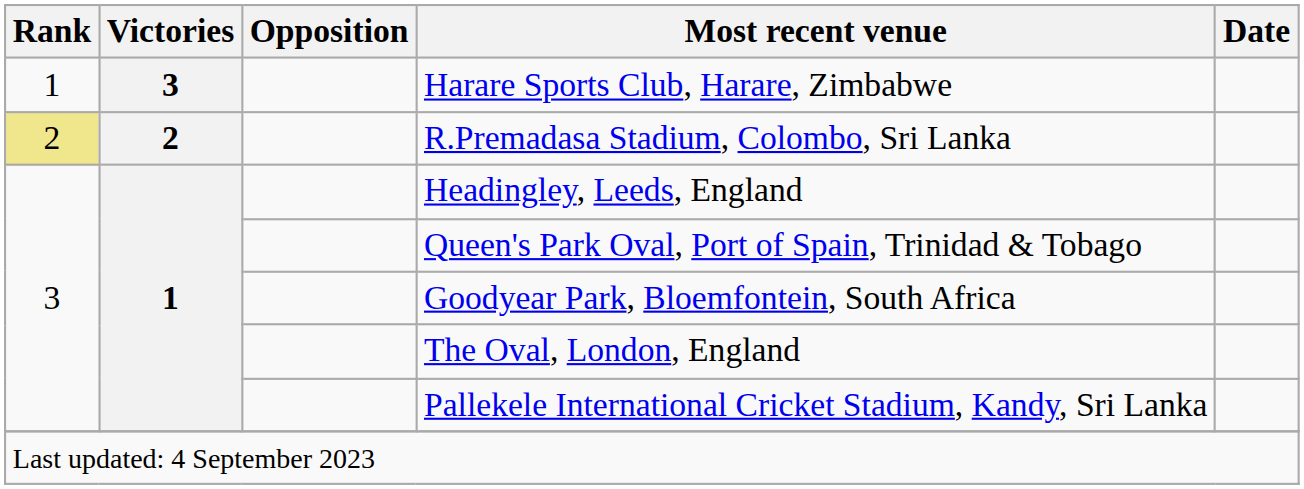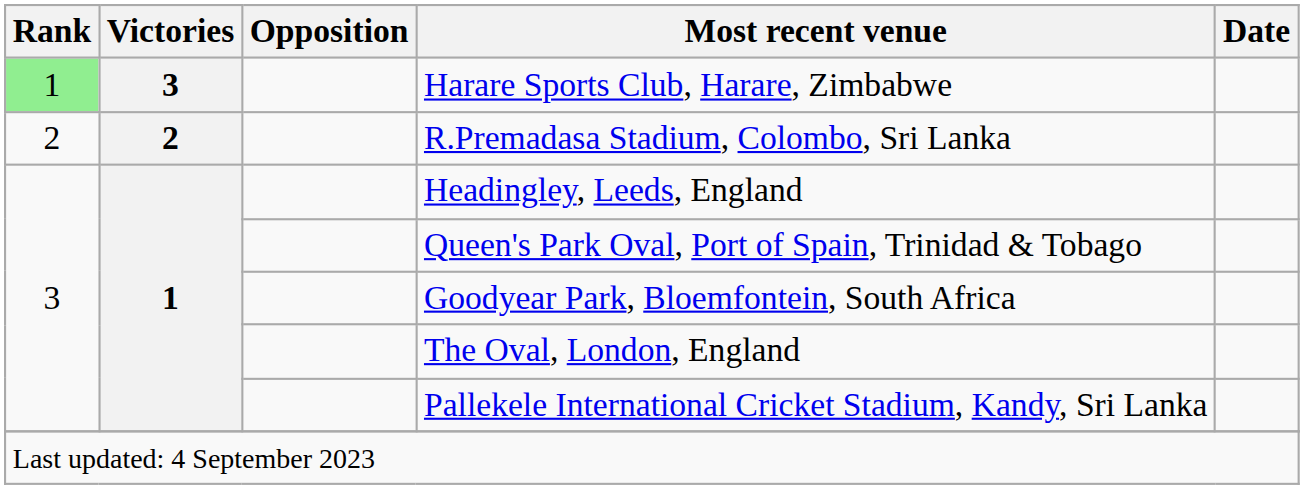 <table class="wikitable sortable">
 <tr>
 <th scope=col>Rank</th>
 <th scope=col>Victories</th>
 <th scope=col>Opposition</th>
 <th scope=col>Most recent venue</th>
 <th scope=col>Date</th>
 </tr>
 <tr>
-<td align=center>1</td>
+<td align=center style="background: lightgreen;">1</td>
 <th scope=row style=text-align:center>3</th>
 <td></td>
 <td><a href='#'>Harare Sports Club</a>, <a href='#'>Harare</a>, Zimbabwe</td>
 <td></td>
 </tr>
 <tr>
-<td align=center style="background: khaki;">2</td>
+<td align=center>2</td>
 <th scope=row style=text-align:center>2</th>
 <td></td>
 <td><a href='#'>R.Premadasa Stadium</a>, <a href='#'>Colombo</a>, Sri Lanka</td>
 <td></td>
 </tr>
 <tr>
 <td align=center rowspan=5>3</td>
 <th scope=row style=text-align:center rowspan=5>1</th>
 <td></td>
 <td><a href='#'>Headingley</a>, <a href='#'>Leeds</a>, England</td>
 <td> </td>
 </tr>
 <tr>
 <td></td>
 <td><a href='#'>Queen's Park Oval</a>, <a href='#'>Port of Spain</a>, Trinidad & Tobago</td>
 <td></td>
 </tr>
 <tr>
 <td></td>
 <td><a href='#'>Goodyear Park</a>, <a href='#'>Bloemfontein</a>, South Africa</td>
 <td></td>
 </tr>
 <tr>
 <td></td>
 <td><a href='#'>The Oval</a>, <a href='#'>London</a>, England</td>
 <td></td>
 </tr>
 <tr>
 <td></td>
 <td><a href='#'>Pallekele International Cricket Stadium</a>, <a href='#'>Kandy</a>, Sri Lanka</td>
 <td></td>
 </tr>
 <tr>
 </tr>
 <tr class=sortbottom>
 <td colspan=5><small>Last updated: 4 September 2023</small></td>
 </tr>
 </table>
